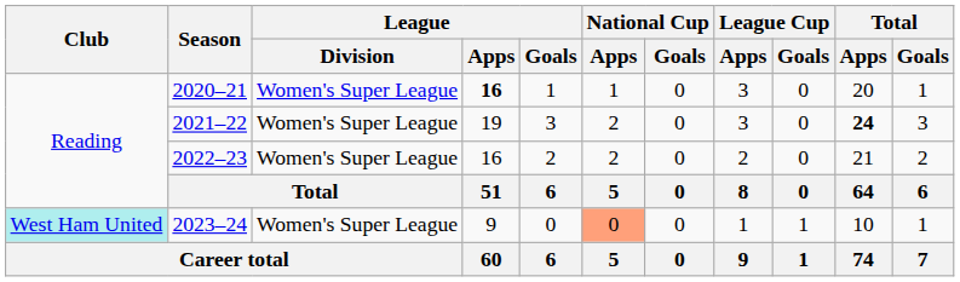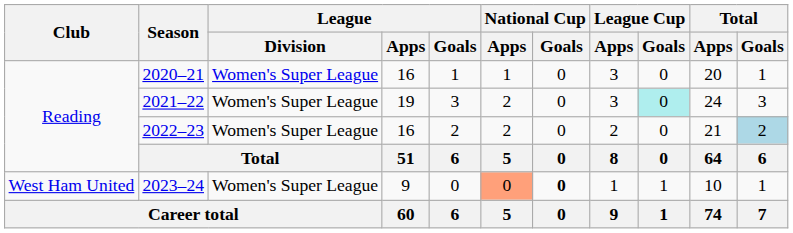 <table class="wikitable" style="text-align:center">
 <tr>
 <th rowspan="2">Club</th>
 <th rowspan="2">Season</th>
 <th colspan="3">League</th>
 <th colspan="2">National Cup</th>
 <th colspan="2">League Cup</th>
 <th colspan="2">Total</th>
 </tr>
 <tr>
 <th>Division</th>
 <th>Apps</th>
 <th>Goals</th>
 <th>Apps</th>
 <th>Goals</th>
 <th>Apps</th>
 <th>Goals</th>
 <th>Apps</th>
 <th>Goals</th>
 </tr>
 <tr>
 <td rowspan="4"><a href='#'>Reading</a></td>
 <td><a href='#'>2020–21</a></td>
 <td><a href='#'>Women's Super League</a></td>
-<td><strong>16</strong></td>
+<td>16</td>
 <td>1</td>
 <td>1</td>
 <td>0</td>
 <td>3</td>
 <td>0</td>
 <td>20</td>
 <td>1</td>
 </tr>
 <tr>
 <td><a href='#'>2021–22</a></td>
 <td>Women's Super League</td>
 <td>19</td>
 <td>3</td>
 <td>2</td>
 <td>0</td>
 <td>3</td>
-<td>0</td>
-<td><strong>24</strong></td>
+<td style="background: paleturquoise;">0</td>
+<td>24</td>
 <td>3</td>
 </tr>
 <tr>
 <td><a href='#'>2022–23</a></td>
 <td>Women's Super League</td>
 <td>16</td>
 <td>2</td>
 <td>2</td>
 <td>0</td>
 <td>2</td>
 <td>0</td>
 <td>21</td>
-<td>2</td>
+<td style="background: lightblue;">2</td>
 </tr>
 <tr>
 <th colspan="2">Total</th>
 <th>51</th>
 <th>6</th>
 <th>5</th>
 <th>0</th>
 <th>8</th>
 <th>0</th>
 <th>64</th>
 <th>6</th>
 </tr>
 <tr>
-<td style="background: paleturquoise;"><a href='#'>West Ham United</a></td>
+<td><a href='#'>West Ham United</a></td>
 <td><a href='#'>2023–24</a></td>
 <td>Women's Super League</td>
 <td>9</td>
 <td>0</td>
 <td style="background: lightsalmon;">0</td>
-<td>0</td>
+<td><strong>0</strong></td>
 <td>1</td>
 <td>1</td>
 <td>10</td>
 <td>1</td>
 </tr>
 <tr>
 <th colspan="3">Career total</th>
 <th>60</th>
 <th>6</th>
 <th>5</th>
 <th>0</th>
 <th>9</th>
 <th>1</th>
 <th>74</th>
 <th>7</th>
 </tr>
 </table>
